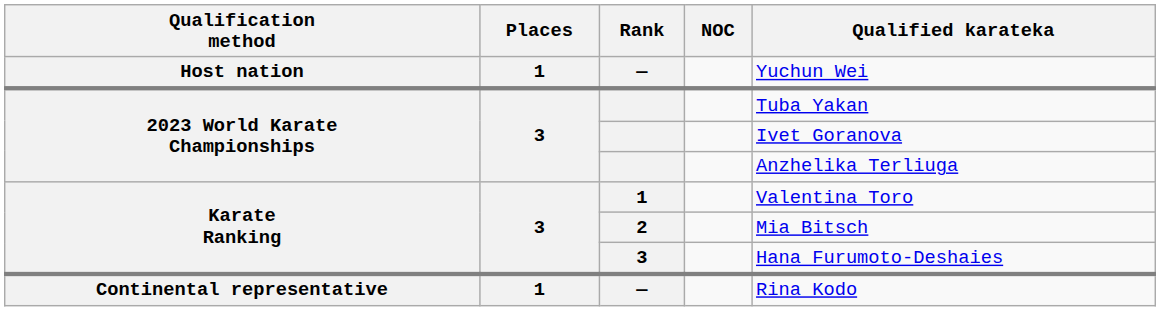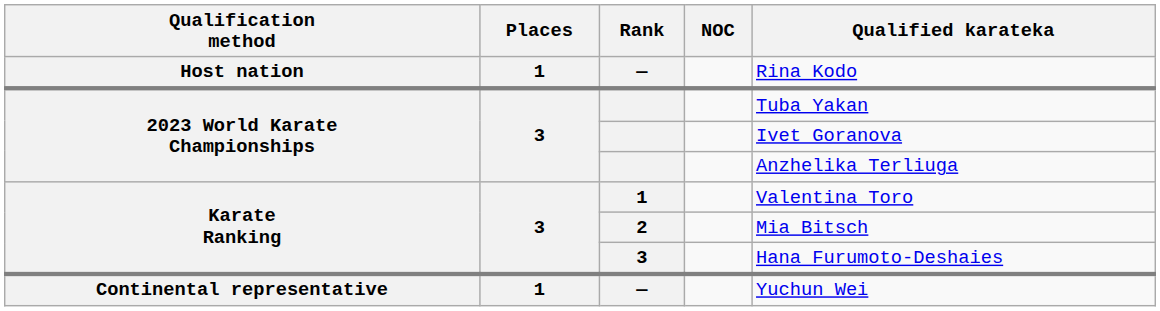 <table class="wikitable" width=800>
 <tr>
 <th>Qualification<br>method</th>
 <th>Places</th>
 <th>Rank</th>
 <th>NOC</th>
 <th>Qualified karateka</th>
 </tr>
 <tr style="border-bottom: 3px solid grey;">
 <th>Host nation</th>
 <th>1</th>
 <th>—</th>
 <td></td>
-<td><a href='#'>Yuchun Wei</a></td>
+<td><a href='#'>Rina Kodo</a></td>
 </tr>
 <tr>
 <th rowspan=3>2023 World Karate<br>Championships</th>
 <th rowspan=3>3</th>
 <th></th>
 <td></td>
 <td><a href='#'>Tuba Yakan</a></td>
 </tr>
 <tr>
 <th></th>
 <td></td>
 <td><a href='#'>Ivet Goranova</a></td>
 </tr>
 <tr>
 <th></th>
 <td></td>
 <td><a href='#'>Anzhelika Terliuga</a></td>
 </tr>
 <tr>
 <th rowspan=3>Karate<br>Ranking</th>
 <th rowspan=3>3</th>
 <th>1</th>
 <td></td>
 <td><a href='#'>Valentina Toro</a></td>
 </tr>
 <tr>
 <th>2</th>
 <td></td>
 <td><a href='#'>Mia Bitsch</a></td>
 </tr>
 <tr>
 <th>3</th>
 <td></td>
 <td><a href='#'>Hana Furumoto-Deshaies</a></td>
 </tr>
 <tr>
 </tr>
 <tr style="border-top: 3px solid grey;">
 <th rowspan=5>Continental representative</th>
 <th>1</th>
 <th>—</th>
 <td></td>
-<td><a href='#'>Rina Kodo</a></td>
+<td><a href='#'>Yuchun Wei</a></td>
 </tr>
 </table>
